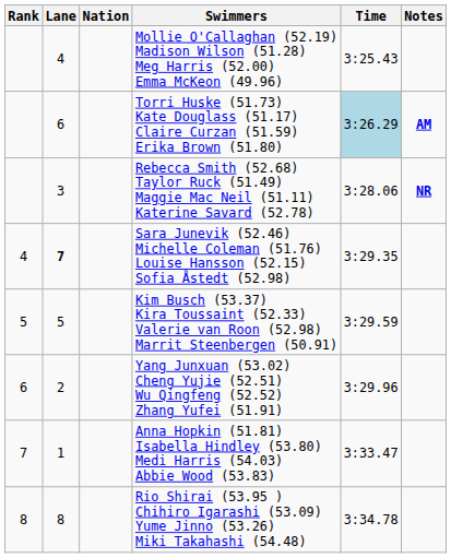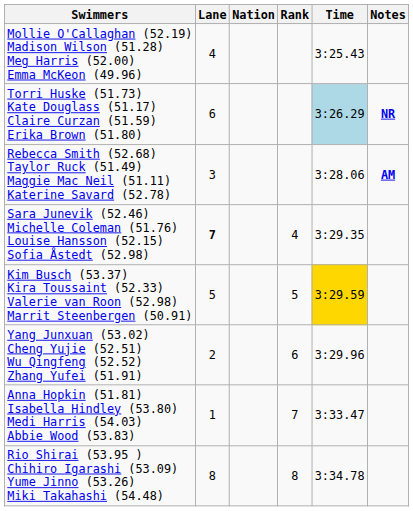 <table class="wikitable sortable" style="text-align:center">
 <tr>
-<th>Rank</th>
+<th>Swimmers</th>
 <th>Lane</th>
 <th>Nation</th>
-<th>Swimmers</th>
+<th>Rank</th>
 <th>Time</th>
 <th>Notes</th>
 </tr>
 <tr>
-<td></td>
+<td align=left><a href='#'>Mollie O'Callaghan</a> (52.19)<br><a href='#'>Madison Wilson</a> (51.28)<br><a href='#'>Meg Harris</a> (52.00)<br><a href='#'>Emma McKeon</a> (49.96)</td>
 <td>4</td>
 <td align=left></td>
-<td align=left><a href='#'>Mollie O'Callaghan</a> (52.19)<br><a href='#'>Madison Wilson</a> (51.28)<br><a href='#'>Meg Harris</a> (52.00)<br><a href='#'>Emma McKeon</a> (49.96)</td>
+<td></td>
 <td>3:25.43</td>
 <td></td>
 </tr>
 <tr>
-<td></td>
+<td align=left><a href='#'>Torri Huske</a> (51.73)<br><a href='#'>Kate Douglass</a> (51.17)<br><a href='#'>Claire Curzan</a> (51.59)<br><a href='#'>Erika Brown</a> (51.80)</td>
 <td>6</td>
 <td align=left></td>
-<td align=left><a href='#'>Torri Huske</a> (51.73)<br><a href='#'>Kate Douglass</a> (51.17)<br><a href='#'>Claire Curzan</a> (51.59)<br><a href='#'>Erika Brown</a> (51.80)</td>
+<td></td>
 <td style="background: lightblue;">3:26.29</td>
+<td><strong><a href='#'>NR</a></strong></td>
+</tr>
+<tr>
+<td align=left><a href='#'>Rebecca Smith</a> (52.68)<br><a href='#'>Taylor Ruck</a> (51.49)<br><a href='#'>Maggie Mac Neil</a> (51.11)<br><a href='#'>Katerine Savard</a> (52.78)</td>
+<td>3</td>
+<td align=left></td>
+<td></td>
+<td>3:28.06</td>
 <td><strong><a href='#'>AM</a></strong></td>
 </tr>
 <tr>
-<td></td>
-<td>3</td>
-<td align=left></td>
-<td align=left><a href='#'>Rebecca Smith</a> (52.68)<br><a href='#'>Taylor Ruck</a> (51.49)<br><a href='#'>Maggie Mac Neil</a> (51.11)<br><a href='#'>Katerine Savard</a> (52.78)</td>
-<td>3:28.06</td>
-<td><strong><a href='#'>NR</a></strong></td>
-</tr>
-<tr>
-<td>4</td>
+<td align=left><a href='#'>Sara Junevik</a> (52.46)<br><a href='#'>Michelle Coleman</a> (51.76)<br><a href='#'>Louise Hansson</a> (52.15)<br><a href='#'>Sofia Åstedt</a> (52.98)</td>
 <td><strong>7</strong></td>
 <td align=left></td>
-<td align=left><a href='#'>Sara Junevik</a> (52.46)<br><a href='#'>Michelle Coleman</a> (51.76)<br><a href='#'>Louise Hansson</a> (52.15)<br><a href='#'>Sofia Åstedt</a> (52.98)</td>
+<td>4</td>
 <td>3:29.35</td>
 <td></td>
 </tr>
 <tr>
-<td>5</td>
+<td align=left><a href='#'>Kim Busch</a> (53.37)<br><a href='#'>Kira Toussaint</a> (52.33)<br><a href='#'>Valerie van Roon</a> (52.98)<br><a href='#'>Marrit Steenbergen</a> (50.91)</td>
 <td>5</td>
 <td align=left></td>
-<td align=left><a href='#'>Kim Busch</a> (53.37)<br><a href='#'>Kira Toussaint</a> (52.33)<br><a href='#'>Valerie van Roon</a> (52.98)<br><a href='#'>Marrit Steenbergen</a> (50.91)</td>
-<td>3:29.59</td>
+<td>5</td>
+<td style="background: gold;">3:29.59</td>
 <td></td>
 </tr>
 <tr>
-<td>6</td>
+<td align=left><a href='#'>Yang Junxuan</a> (53.02)<br><a href='#'>Cheng Yujie</a> (52.51)<br><a href='#'>Wu Qingfeng</a> (52.52)<br><a href='#'>Zhang Yufei</a> (51.91)</td>
 <td>2</td>
 <td align=left></td>
-<td align=left><a href='#'>Yang Junxuan</a> (53.02)<br><a href='#'>Cheng Yujie</a> (52.51)<br><a href='#'>Wu Qingfeng</a> (52.52)<br><a href='#'>Zhang Yufei</a> (51.91)</td>
+<td>6</td>
 <td>3:29.96</td>
 <td></td>
 </tr>
 <tr>
-<td>7</td>
+<td align=left><a href='#'>Anna Hopkin</a> (51.81)<br><a href='#'>Isabella Hindley</a> (53.80)<br><a href='#'>Medi Harris</a> (54.03)<br><a href='#'>Abbie Wood</a> (53.83)</td>
 <td>1</td>
 <td align=left></td>
-<td align=left><a href='#'>Anna Hopkin</a> (51.81)<br><a href='#'>Isabella Hindley</a> (53.80)<br><a href='#'>Medi Harris</a> (54.03)<br><a href='#'>Abbie Wood</a> (53.83)</td>
+<td>7</td>
 <td>3:33.47</td>
 <td></td>
 </tr>
 <tr>
-<td>8</td>
+<td align=left><a href='#'>Rio Shirai</a> (53.95 )<br><a href='#'>Chihiro Igarashi</a> (53.09)<br><a href='#'>Yume Jinno</a> (53.26)<br><a href='#'>Miki Takahashi</a> (54.48)</td>
 <td>8</td>
 <td align=left></td>
-<td align=left><a href='#'>Rio Shirai</a> (53.95 )<br><a href='#'>Chihiro Igarashi</a> (53.09)<br><a href='#'>Yume Jinno</a> (53.26)<br><a href='#'>Miki Takahashi</a> (54.48)</td>
+<td>8</td>
 <td>3:34.78</td>
 <td></td>
 </tr>
 </table>
